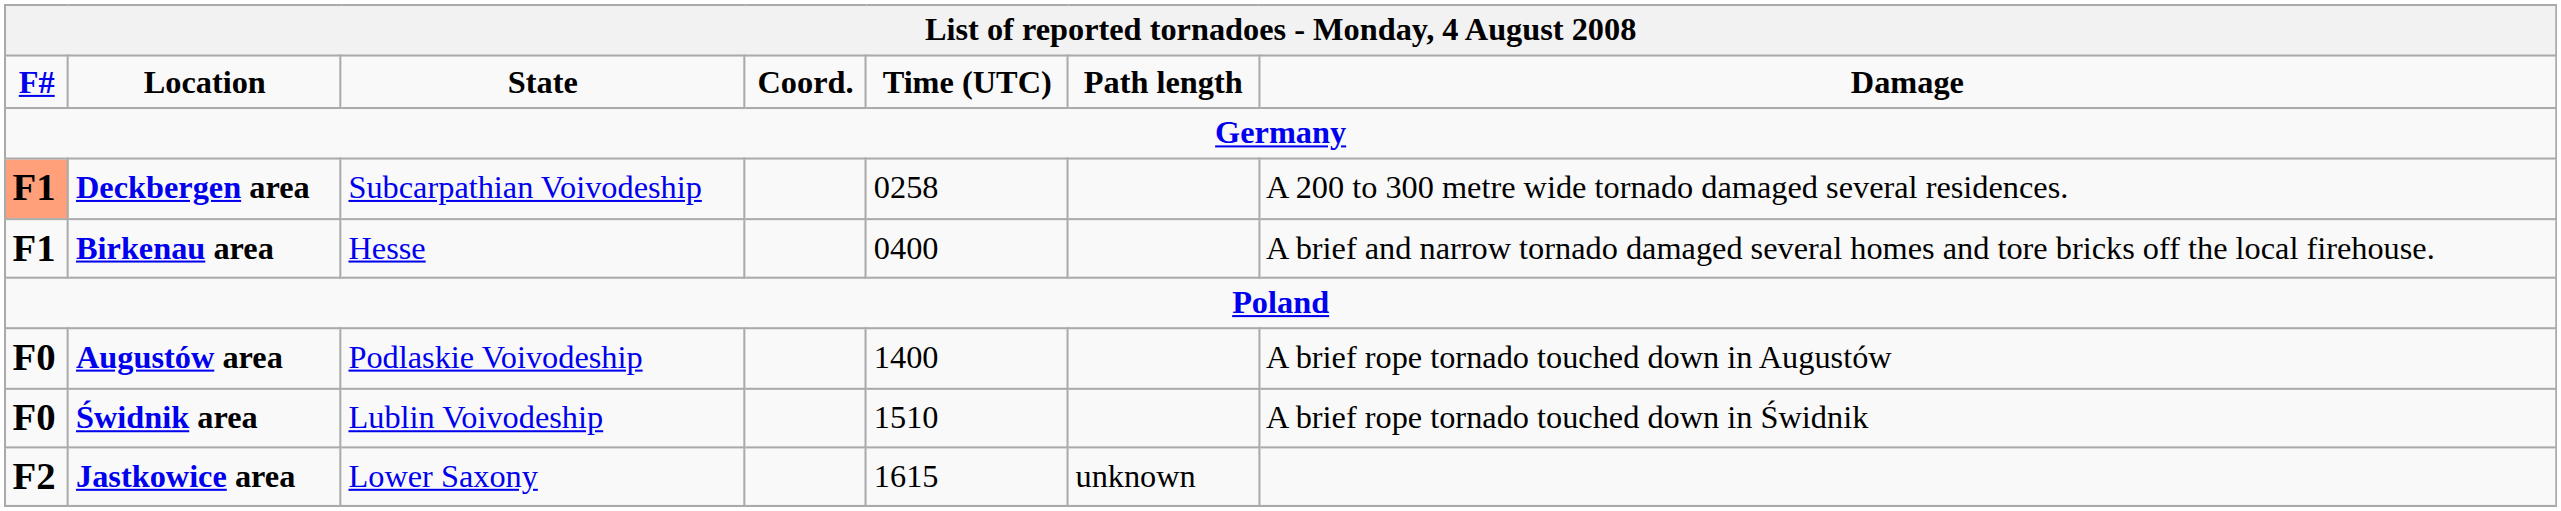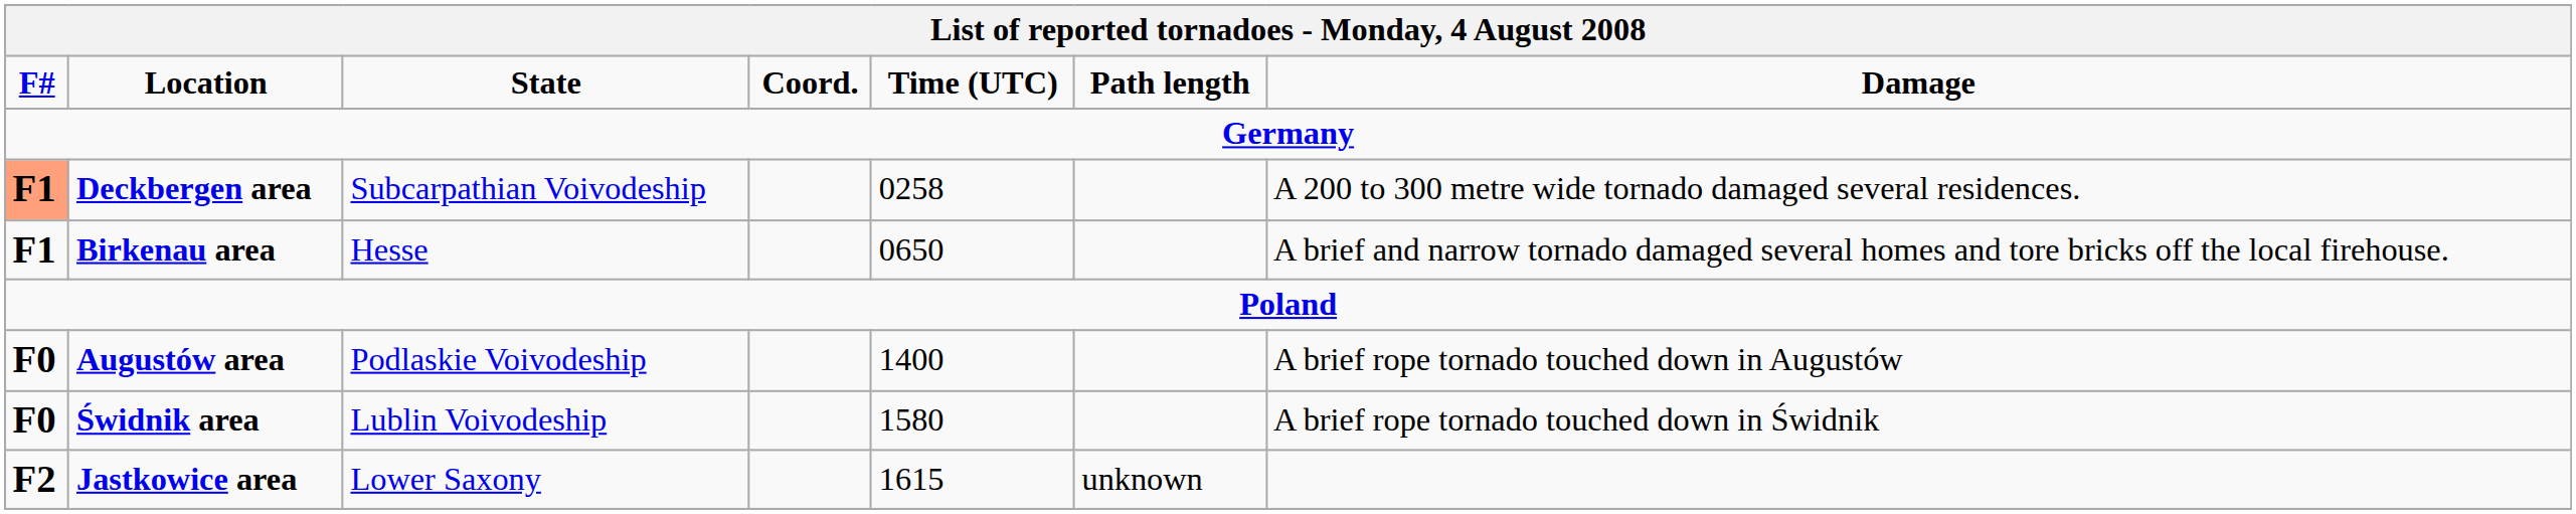 <table class="wikitable" width="100%">
 <tr>
 <th colspan="7">List of reported tornadoes - Monday, 4 August 2008</th>
 </tr>
 <tr>
 <td style="text-align: center;"><strong><a href='#'>F#</a></strong></td>
 <td style="text-align: center;"><strong>Location</strong></td>
 <td style="text-align: center;"><strong>State</strong></td>
 <td style="text-align: center;"><strong>Coord.</strong></td>
 <td style="text-align: center;"><strong>Time (UTC)</strong></td>
 <td style="text-align: center;"><strong>Path length</strong></td>
 <td style="text-align: center;"><strong>Damage</strong></td>
 </tr>
 <tr>
 <td colspan="7" align=center><strong><a href='#'>Germany</a></strong></td>
 </tr>
 <tr>
 <td style="background: lightsalmon;"><big><strong>F1</strong></big></td>
 <td><strong><a href='#'>Deckbergen</a> area</strong></td>
 <td><a href='#'>Subcarpathian Voivodeship</a></td>
 <td></td>
 <td>0258</td>
 <td></td>
 <td>A 200 to 300 metre wide tornado damaged several residences.</td>
 </tr>
 <tr>
 <td><big><strong>F1</strong></big></td>
 <td><strong><a href='#'>Birkenau</a> area</strong></td>
 <td><a href='#'>Hesse</a></td>
 <td></td>
-<td>0400</td>
+<td>0650</td>
 <td></td>
 <td>A brief and narrow tornado damaged several homes and tore bricks off the local firehouse.</td>
 </tr>
 <tr>
 <td colspan="7" align=center><strong><a href='#'>Poland</a></strong></td>
 </tr>
 <tr>
 <td><big><strong>F0</strong></big></td>
 <td><strong><a href='#'>Augustów</a> area</strong></td>
 <td><a href='#'>Podlaskie Voivodeship</a></td>
 <td></td>
 <td>1400</td>
 <td></td>
 <td>A brief rope tornado touched down in Augustów</td>
 </tr>
 <tr>
 <td><big><strong>F0</strong></big></td>
 <td><strong><a href='#'>Świdnik</a> area</strong></td>
 <td><a href='#'>Lublin Voivodeship</a></td>
 <td></td>
-<td>1510</td>
+<td>1580</td>
 <td></td>
 <td>A brief rope tornado touched down in Świdnik</td>
 </tr>
 <tr>
 <td><big><strong>F2</strong></big></td>
 <td><strong><a href='#'>Jastkowice</a> area</strong></td>
 <td><a href='#'>Lower Saxony</a></td>
 <td></td>
 <td>1615</td>
 <td>unknown</td>
 <td></td>
 </tr>
 <tr>
 </tr>
 </table>
